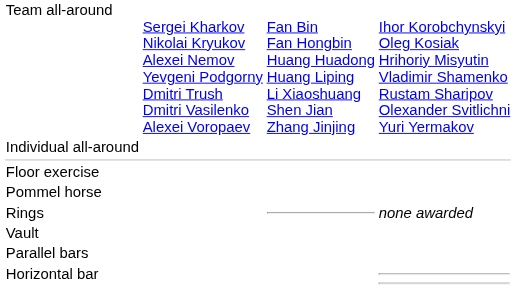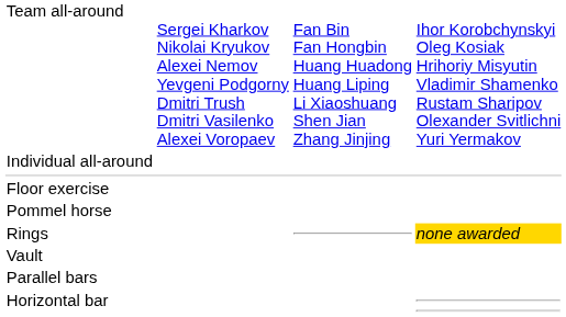 <table>
 <tr valign="top">
 <td>Team all-around<br></td>
 <td><br><a href='#'>Sergei Kharkov</a><br><a href='#'>Nikolai Kryukov</a><br><a href='#'>Alexei Nemov</a><br><a href='#'>Yevgeni Podgorny</a><br><a href='#'>Dmitri Trush</a><br><a href='#'>Dmitri Vasilenko</a><br><a href='#'>Alexei Voropaev</a></td>
 <td><br><a href='#'>Fan Bin</a><br><a href='#'>Fan Hongbin</a><br><a href='#'>Huang Huadong</a><br><a href='#'>Huang Liping</a><br><a href='#'>Li Xiaoshuang</a><br><a href='#'>Shen Jian</a><br><a href='#'>Zhang Jinjing</a></td>
 <td><br><a href='#'>Ihor Korobchynskyi</a><br><a href='#'>Oleg Kosiak</a><br><a href='#'>Hrihoriy Misyutin</a><br><a href='#'>Vladimir Shamenko</a><br><a href='#'>Rustam Sharipov</a><br><a href='#'>Olexander Svitlichni</a><br><a href='#'>Yuri Yermakov</a></td>
 </tr>
 <tr valign="top">
 <td>Individual all-around<br></td>
 <td></td>
 <td></td>
 <td></td>
 </tr>
 <tr bgcolor=#DDDDDD>
 <td colspan=7></td>
 </tr>
 <tr valign="top">
 <td>Floor exercise<br></td>
 <td></td>
 <td></td>
 <td></td>
 </tr>
 <tr valign="top">
 <td>Pommel horse<br></td>
 <td></td>
 <td></td>
 <td></td>
 </tr>
 <tr>
 <td valign="top">Rings<br></td>
 <td valign="top"></td>
 <td valign="top"><hr></td>
-<td valign="center"><em>none awarded</em></td>
+<td valign="center" style="background: gold;"><em>none awarded</em></td>
 </tr>
 <tr valign="top">
 <td>Vault<br></td>
 <td></td>
 <td></td>
 <td></td>
 </tr>
 <tr valign="top">
 <td>Parallel bars<br></td>
 <td></td>
 <td></td>
 <td></td>
 </tr>
 <tr valign="top">
 <td>Horizontal bar<br></td>
 <td></td>
 <td></td>
 <td><hr><hr></td>
 </tr>
 </table>
